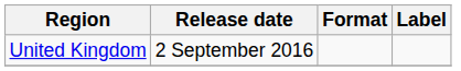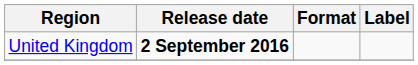 <table class="wikitable">
 <tr>
 <th>Region</th>
 <th>Release date</th>
 <th>Format</th>
 <th>Label</th>
 </tr>
 <tr>
 <td><a href='#'>United Kingdom</a></td>
-<td>2 September 2016</td>
+<td><strong>2 September 2016</strong></td>
 <td></td>
 <td></td>
 </tr>
 <tr>
 </tr>
 </table>
